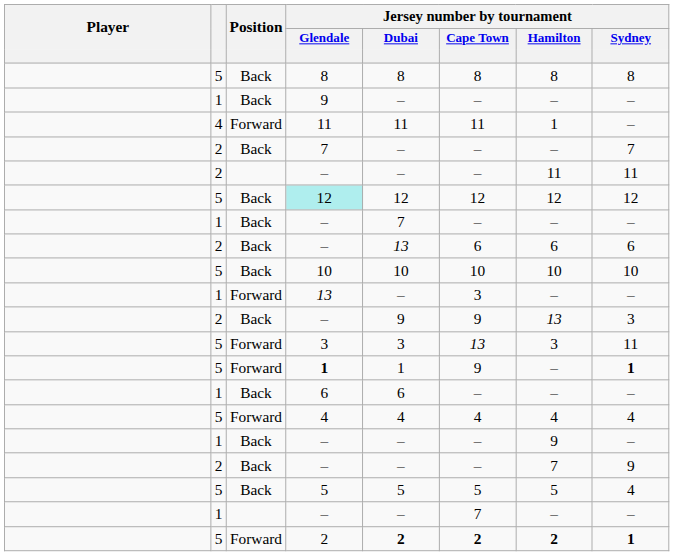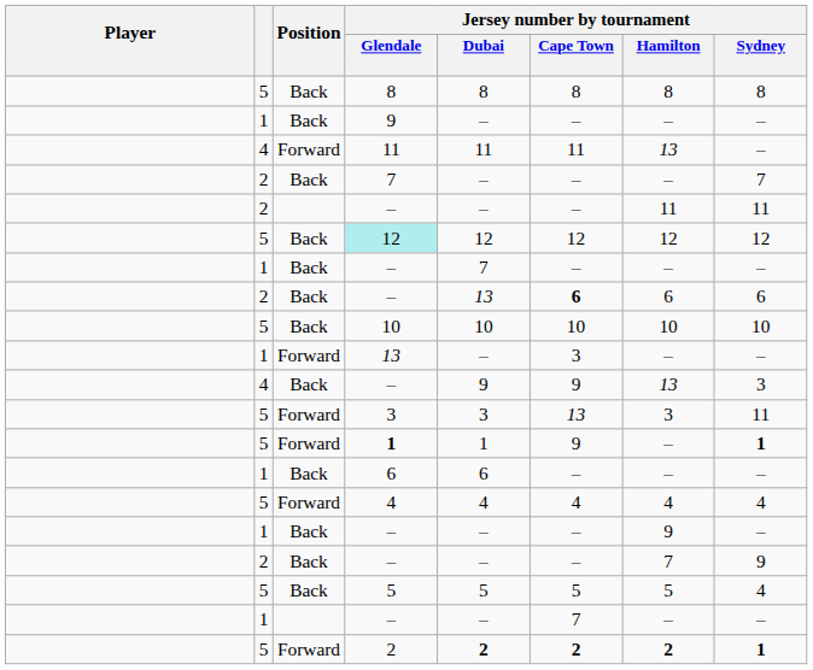 <table class="wikitable sortable" style="text-align:center;">
 <tr>
 <th rowspan=2 style="border-bottom:0; width:13em;">Player</th>
 <th rowspan=2 style="border-bottom:0;"></th>
 <th rowspan=2 style="border-bottom:0;">Position</th>
 <th colspan=8 style="font-size:95%;">Jersey number by tournament</th>
 </tr>
 <tr>
 <th style="vertical-align:top;width:5.5em;border-bottom:1px solid transparent;padding:2px;font-size:85%;"><a href='#'>Glendale</a></th>
 <th style="vertical-align:top;width:5.5em;border-bottom:1px solid transparent;padding:2px;font-size:85%;"><a href='#'>Dubai</a></th>
 <th style="vertical-align:top;width:5.5em;border-bottom:1px solid transparent;padding:2px;font-size:85%;"><a href='#'>Cape Town</a></th>
 <th style="vertical-align:top;width:5.5em;border-bottom:1px solid transparent;padding:2px;font-size:85%;"><a href='#'>Hamilton</a></th>
 <th style="vertical-align:top;width:5.5em;border-bottom:1px solid transparent;padding:2px;font-size:85%;"><a href='#'>Sydney</a></th>
 </tr>
 <tr style="line-height:8px;">
 <th style="border-top:1px solid transparent;"></th>
 <th style="border-top:1px solid transparent;"> </th>
 <th style="border-top:1px solid transparent;"> </th>
 <th data-sort-type="number" style="border-top:1px solid transparent;"></th>
 <th data-sort-type="number" style="border-top:1px solid transparent;"></th>
 <th data-sort-type="number" style="border-top:1px solid transparent;"></th>
 <th data-sort-type="number" style="border-top:1px solid transparent;"></th>
 <th data-sort-type="number" style="border-top:1px solid transparent;"></th>
 </tr>
 <tr>
 <td align=left></td>
 <td>5</td>
 <td>Back</td>
 <td>8</td>
 <td>8</td>
 <td>8</td>
 <td>8</td>
 <td>8</td>
 </tr>
 <tr>
 <td align=left></td>
 <td>1</td>
 <td>Back</td>
 <td>9</td>
 <td>–</td>
 <td>–</td>
 <td>–</td>
 <td>–</td>
 </tr>
 <tr>
 <td align=left></td>
 <td>4</td>
 <td>Forward</td>
 <td>11</td>
 <td>11</td>
 <td>11</td>
-<td>1</td>
+<td><em>13</em></td>
 <td>–</td>
 </tr>
 <tr>
 <td align=left></td>
 <td>2</td>
 <td>Back</td>
 <td>7</td>
 <td>–</td>
 <td>–</td>
 <td>–</td>
 <td>7</td>
 </tr>
 <tr>
 <td align=left></td>
 <td>2</td>
 <td></td>
 <td>–</td>
 <td>–</td>
 <td>–</td>
 <td>11</td>
 <td>11</td>
 </tr>
 <tr>
 <td align=left></td>
 <td>5</td>
 <td>Back</td>
 <td style="background: paleturquoise;">12</td>
 <td>12</td>
 <td>12</td>
 <td>12</td>
 <td>12</td>
 </tr>
 <tr>
 <td align=left></td>
 <td>1</td>
 <td>Back</td>
 <td>–</td>
 <td>7</td>
 <td>–</td>
 <td>–</td>
 <td>–</td>
 </tr>
 <tr>
 <td align=left></td>
 <td>2</td>
 <td>Back</td>
 <td>–</td>
 <td><em>13</em></td>
-<td>6</td>
+<td><strong>6</strong></td>
 <td>6</td>
 <td>6</td>
 </tr>
 <tr>
 <td align=left></td>
 <td>5</td>
 <td>Back</td>
 <td>10</td>
 <td>10</td>
 <td>10</td>
 <td>10</td>
 <td>10</td>
 </tr>
 <tr>
 <td align=left></td>
 <td>1</td>
 <td>Forward</td>
 <td><em>13</em></td>
 <td>–</td>
 <td>3</td>
 <td>–</td>
 <td>–</td>
 </tr>
 <tr>
 <td align=left></td>
-<td>2</td>
+<td>4</td>
 <td>Back</td>
 <td>–</td>
 <td>9</td>
 <td>9</td>
 <td><em>13</em></td>
 <td>3</td>
 </tr>
 <tr>
 <td align=left></td>
 <td>5</td>
 <td>Forward</td>
 <td>3</td>
 <td>3</td>
 <td><em>13</em></td>
 <td>3</td>
 <td>11</td>
 </tr>
 <tr>
 <td align=left></td>
 <td>5</td>
 <td>Forward</td>
 <td><strong>1</strong></td>
 <td>1</td>
 <td>9</td>
 <td>–</td>
 <td><strong>1</strong></td>
 </tr>
 <tr>
 <td align=left></td>
 <td>1</td>
 <td>Back</td>
 <td>6</td>
 <td>6</td>
 <td>–</td>
 <td>–</td>
 <td>–</td>
 </tr>
 <tr>
 <td align=left></td>
 <td>5</td>
 <td>Forward</td>
 <td>4</td>
 <td>4</td>
 <td>4</td>
 <td>4</td>
 <td>4</td>
 </tr>
 <tr>
 <td align=left></td>
 <td>1</td>
 <td>Back</td>
 <td>–</td>
 <td>–</td>
 <td>–</td>
 <td>9</td>
 <td>–</td>
 </tr>
 <tr>
 <td align=left></td>
 <td>2</td>
 <td>Back</td>
 <td>–</td>
 <td>–</td>
 <td>–</td>
 <td>7</td>
 <td>9</td>
 </tr>
 <tr>
 <td align=left></td>
 <td>5</td>
 <td>Back</td>
 <td>5</td>
 <td>5</td>
 <td>5</td>
 <td>5</td>
 <td>4</td>
 </tr>
 <tr>
 <td align=left></td>
 <td>1</td>
 <td></td>
 <td>–</td>
 <td>–</td>
 <td>7</td>
 <td>–</td>
 <td>–</td>
 </tr>
 <tr>
 <td align=left></td>
 <td>5</td>
 <td>Forward</td>
 <td>2</td>
 <td><strong>2</strong></td>
 <td><strong>2</strong></td>
 <td><strong>2</strong></td>
 <td><strong>1</strong></td>
 </tr>
 </table>
